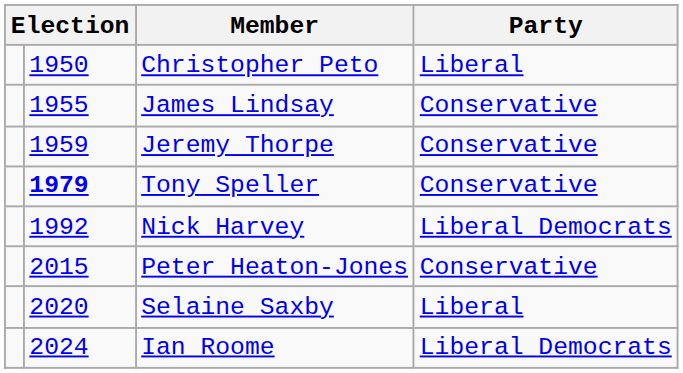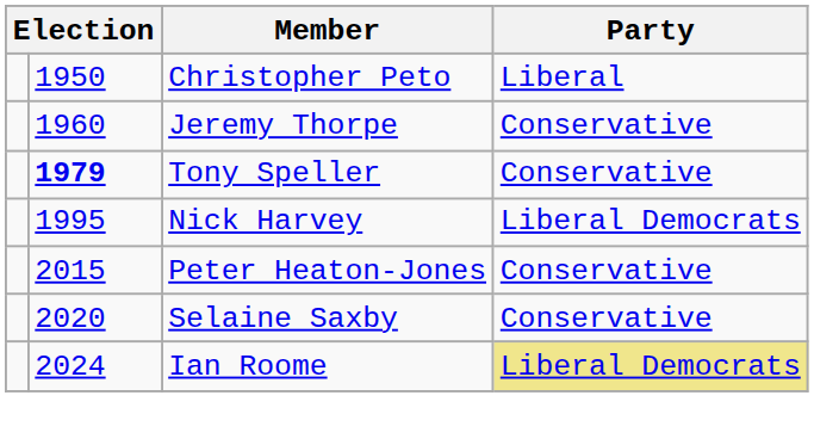 <table class="wikitable">
 <tr>
 <th colspan="2">Election</th>
 <th>Member</th>
 <th>Party</th>
 </tr>
 <tr>
 <td style="color:inherit;background-color: "></td>
 <td><a href='#'>1950</a></td>
 <td><a href='#'>Christopher Peto</a></td>
 <td><a href='#'>Liberal</a></td>
 </tr>
 <tr>
 <td style="color:inherit;background-color: "></td>
-<td><a href='#'>1955</a></td>
-<td><a href='#'>James Lindsay</a></td>
-<td><a href='#'>Conservative</a></td>
-</tr>
-<tr>
-<td style="color:inherit;background-color: "></td>
-<td><a href='#'>1959</a></td>
+<td><a href='#'>1960</a></td>
 <td><a href='#'>Jeremy Thorpe</a></td>
 <td><a href='#'>Conservative</a></td>
 </tr>
 <tr>
 <td style="color:inherit;background-color: "></td>
 <td><strong><a href='#'>1979</a></strong></td>
 <td><a href='#'>Tony Speller</a></td>
 <td><a href='#'>Conservative</a></td>
 </tr>
 <tr>
 <td style="color:inherit;background-color: "></td>
-<td><a href='#'>1992</a></td>
+<td><a href='#'>1995</a></td>
 <td><a href='#'>Nick Harvey</a></td>
 <td><a href='#'>Liberal Democrats</a></td>
 </tr>
 <tr>
 <td style="color:inherit;background-color: "></td>
 <td><a href='#'>2015</a></td>
 <td><a href='#'>Peter Heaton-Jones</a></td>
 <td><a href='#'>Conservative</a></td>
 </tr>
 <tr>
 <td style="color:inherit;background-color: "></td>
 <td><a href='#'>2020</a></td>
 <td><a href='#'>Selaine Saxby</a></td>
-<td><a href='#'>Liberal</a></td>
+<td><a href='#'>Conservative</a></td>
 </tr>
 <tr>
 <td style="color:inherit;background-color: "></td>
 <td><a href='#'>2024</a></td>
 <td><a href='#'>Ian Roome</a></td>
-<td><a href='#'>Liberal Democrats</a></td>
+<td style="background: khaki;"><a href='#'>Liberal Democrats</a></td>
 </tr>
 </table>
